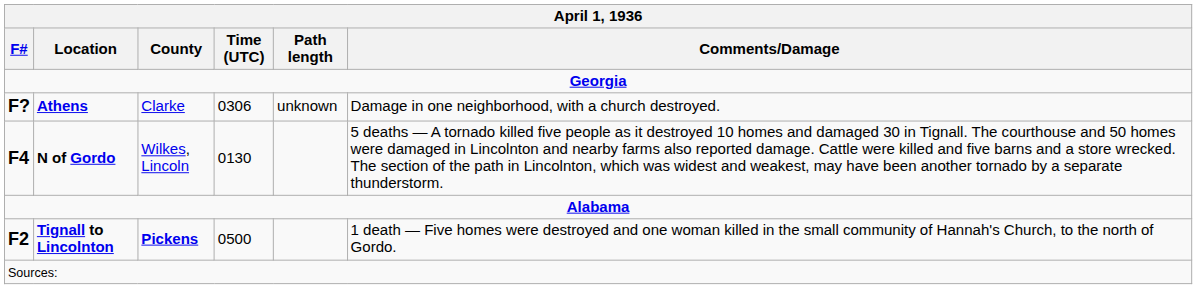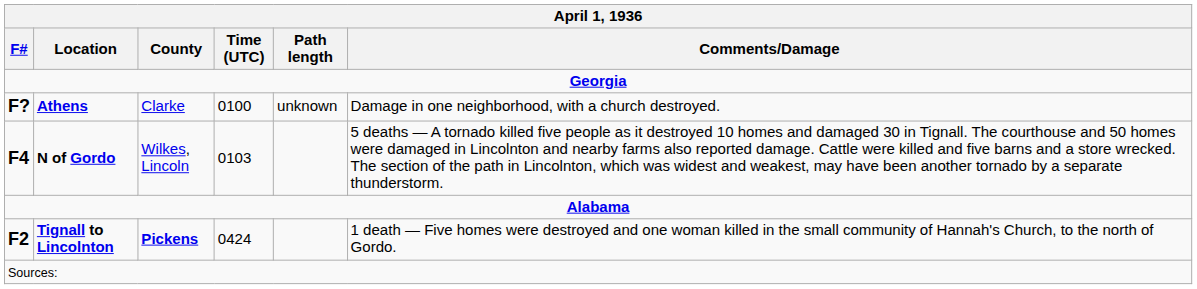 <table class="wikitable collapsible" style="width:100%;">
 <tr>
 <th colspan="7">April 1, 1936</th>
 </tr>
 <tr>
 <th><a href='#'>F#</a></th>
 <th>Location</th>
 <th>County</th>
 <th>Time (UTC)</th>
 <th>Path length</th>
 <th>Comments/Damage</th>
 </tr>
 <tr>
 <td colspan="7" style="text-align:center;"><strong><a href='#'>Georgia</a></strong></td>
 </tr>
 <tr>
 <td><big><strong>F?</strong></big></td>
 <td><strong><a href='#'>Athens</a></strong></td>
 <td><a href='#'>Clarke</a></td>
-<td>0306</td>
+<td>0100</td>
 <td>unknown</td>
 <td>Damage in one neighborhood, with a church destroyed.</td>
 </tr>
 <tr>
 <td><big><strong>F4</strong></big></td>
 <td><strong>N of <a href='#'>Gordo</a></strong></td>
 <td><a href='#'>Wilkes</a>, <a href='#'>Lincoln</a></td>
-<td>0130</td>
+<td>0103</td>
 <td></td>
 <td>5 deaths — A tornado killed five people as it destroyed 10 homes and damaged 30 in Tignall. The courthouse and 50 homes were damaged in Lincolnton and nearby farms also reported damage. Cattle were killed and five barns and a store wrecked. The section of the path in Lincolnton, which was widest and weakest, may have been another tornado by a separate thunderstorm.</td>
 </tr>
 <tr>
 <td colspan="7" style="text-align:center;"><strong><a href='#'>Alabama</a></strong></td>
 </tr>
 <tr>
 <td><big><strong>F2</strong></big></td>
 <td><strong><a href='#'>Tignall</a> to <a href='#'>Lincolnton</a></strong></td>
 <td><strong><a href='#'>Pickens</a></strong></td>
-<td>0500</td>
+<td>0424</td>
 <td></td>
 <td>1 death — Five homes were destroyed and one woman killed in the small community of Hannah's Church,  to the north of Gordo.</td>
 </tr>
 <tr>
 <td colspan="7"><small>Sources:</small></td>
 </tr>
 </table>
